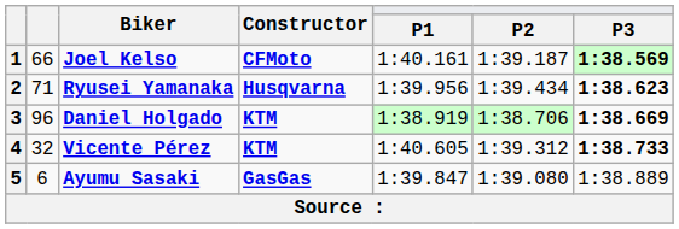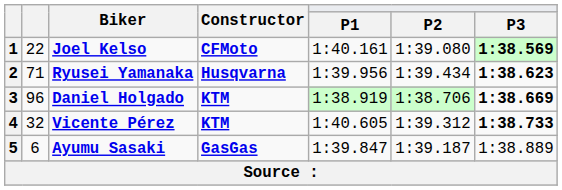 <table class="wikitable sortable" style="font-size: 85%;">
 <tr>
 <th rowspan="2"></th>
 <th rowspan="2"></th>
 <th rowspan="2">Biker</th>
 <th rowspan="2">Constructor</th>
 <th colspan="3" style="background:#eaecf0; text-align:center;"></th>
 </tr>
 <tr>
 <th scope="col">P1</th>
 <th scope="col">P2</th>
 <th scope="col">P3</th>
 </tr>
 <tr>
 <th scope="row">1</th>
-<td align="center">66</td>
+<td align="center">22</td>
 <td><strong> <a href='#'>Joel Kelso</a></strong></td>
 <td><strong><a href='#'>CFMoto</a></strong></td>
 <td>1:40.161</td>
-<td>1:39.187</td>
+<td>1:39.080</td>
 <td style="background:#ccffcc;"><strong>1:38.569</strong></td>
 </tr>
 <tr>
 <th scope="row">2</th>
 <td align="center">71</td>
 <td><strong></strong> <strong><a href='#'>Ryusei Yamanaka</a></strong></td>
 <td><strong><a href='#'>Husqvarna</a></strong></td>
 <td>1:39.956</td>
 <td>1:39.434</td>
 <td><strong>1:38.623</strong></td>
 </tr>
 <tr>
 <th scope="row">3</th>
 <td align="center">96</td>
 <td><strong> <a href='#'>Daniel Holgado</a></strong></td>
 <td><strong><a href='#'>KTM</a></strong></td>
 <td style="background:#ccffcc;">1:38.919</td>
 <td style="background:#ccffcc;">1:38.706</td>
 <td><strong>1:38.669</strong></td>
 </tr>
 <tr>
 <th scope="row">4</th>
 <td align="center">32</td>
 <td> <strong><a href='#'>Vicente Pérez</a></strong></td>
 <td><strong><a href='#'>KTM</a></strong></td>
 <td>1:40.605</td>
 <td>1:39.312</td>
 <td><strong>1:38.733</strong></td>
 </tr>
 <tr>
 <th scope="row">5</th>
 <td align="center">6</td>
 <td> <strong><a href='#'>Ayumu Sasaki</a></strong></td>
 <td><strong><a href='#'>GasGas</a></strong></td>
 <td>1:39.847</td>
-<td>1:39.080</td>
+<td>1:39.187</td>
 <td>1:38.889</td>
 </tr>
 <tr>
 <th colspan="7">Source : </th>
 </tr>
 </table>
